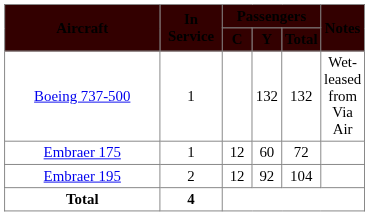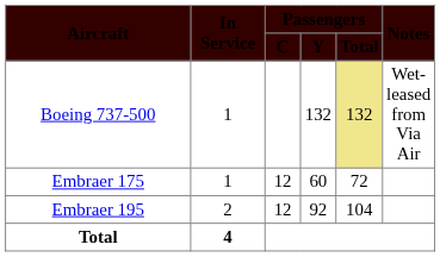 <table class="toccolours" border="1" cellpadding="3" style="margin:1em auto; border-collapse:collapse;text-align:center">
 <tr bgcolor=#330000>
 <th rowspan="2" style="width:160px;"><span>Aircraft</span></th>
 <th rowspan="2" style="width:60px;"><span>In Service</span></th>
 <th colspan="3" class="unsortable"><span>Passengers</span></th>
 <th rowspan="2" style="width:40px;"><span>Notes</span></th>
 </tr>
 <tr style="background:#330000;">
 <th style="width:25px;"><abbr><span>C</span></abbr></th>
 <th style="width:25px;"><abbr><span>Y</span></abbr></th>
 <th style="width:25px;"><span>Total</span></th>
 </tr>
 <tr>
 <td><a href='#'>Boeing 737-500</a></td>
 <td>1</td>
 <td></td>
 <td>132</td>
-<td>132</td>
+<td style="background: khaki;">132</td>
 <td>Wet-leased from Via Air</td>
 </tr>
 <tr>
 <td><a href='#'>Embraer 175</a></td>
 <td>1</td>
 <td>12</td>
 <td>60</td>
 <td>72</td>
 <td></td>
 </tr>
 <tr>
 <td><a href='#'>Embraer 195</a></td>
 <td>2</td>
 <td>12</td>
 <td>92</td>
 <td>104</td>
 </tr>
 <tr>
 <th>Total</th>
 <th>4</th>
 <th colspan="5" class="unsortable"></th>
 </tr>
 </table>
